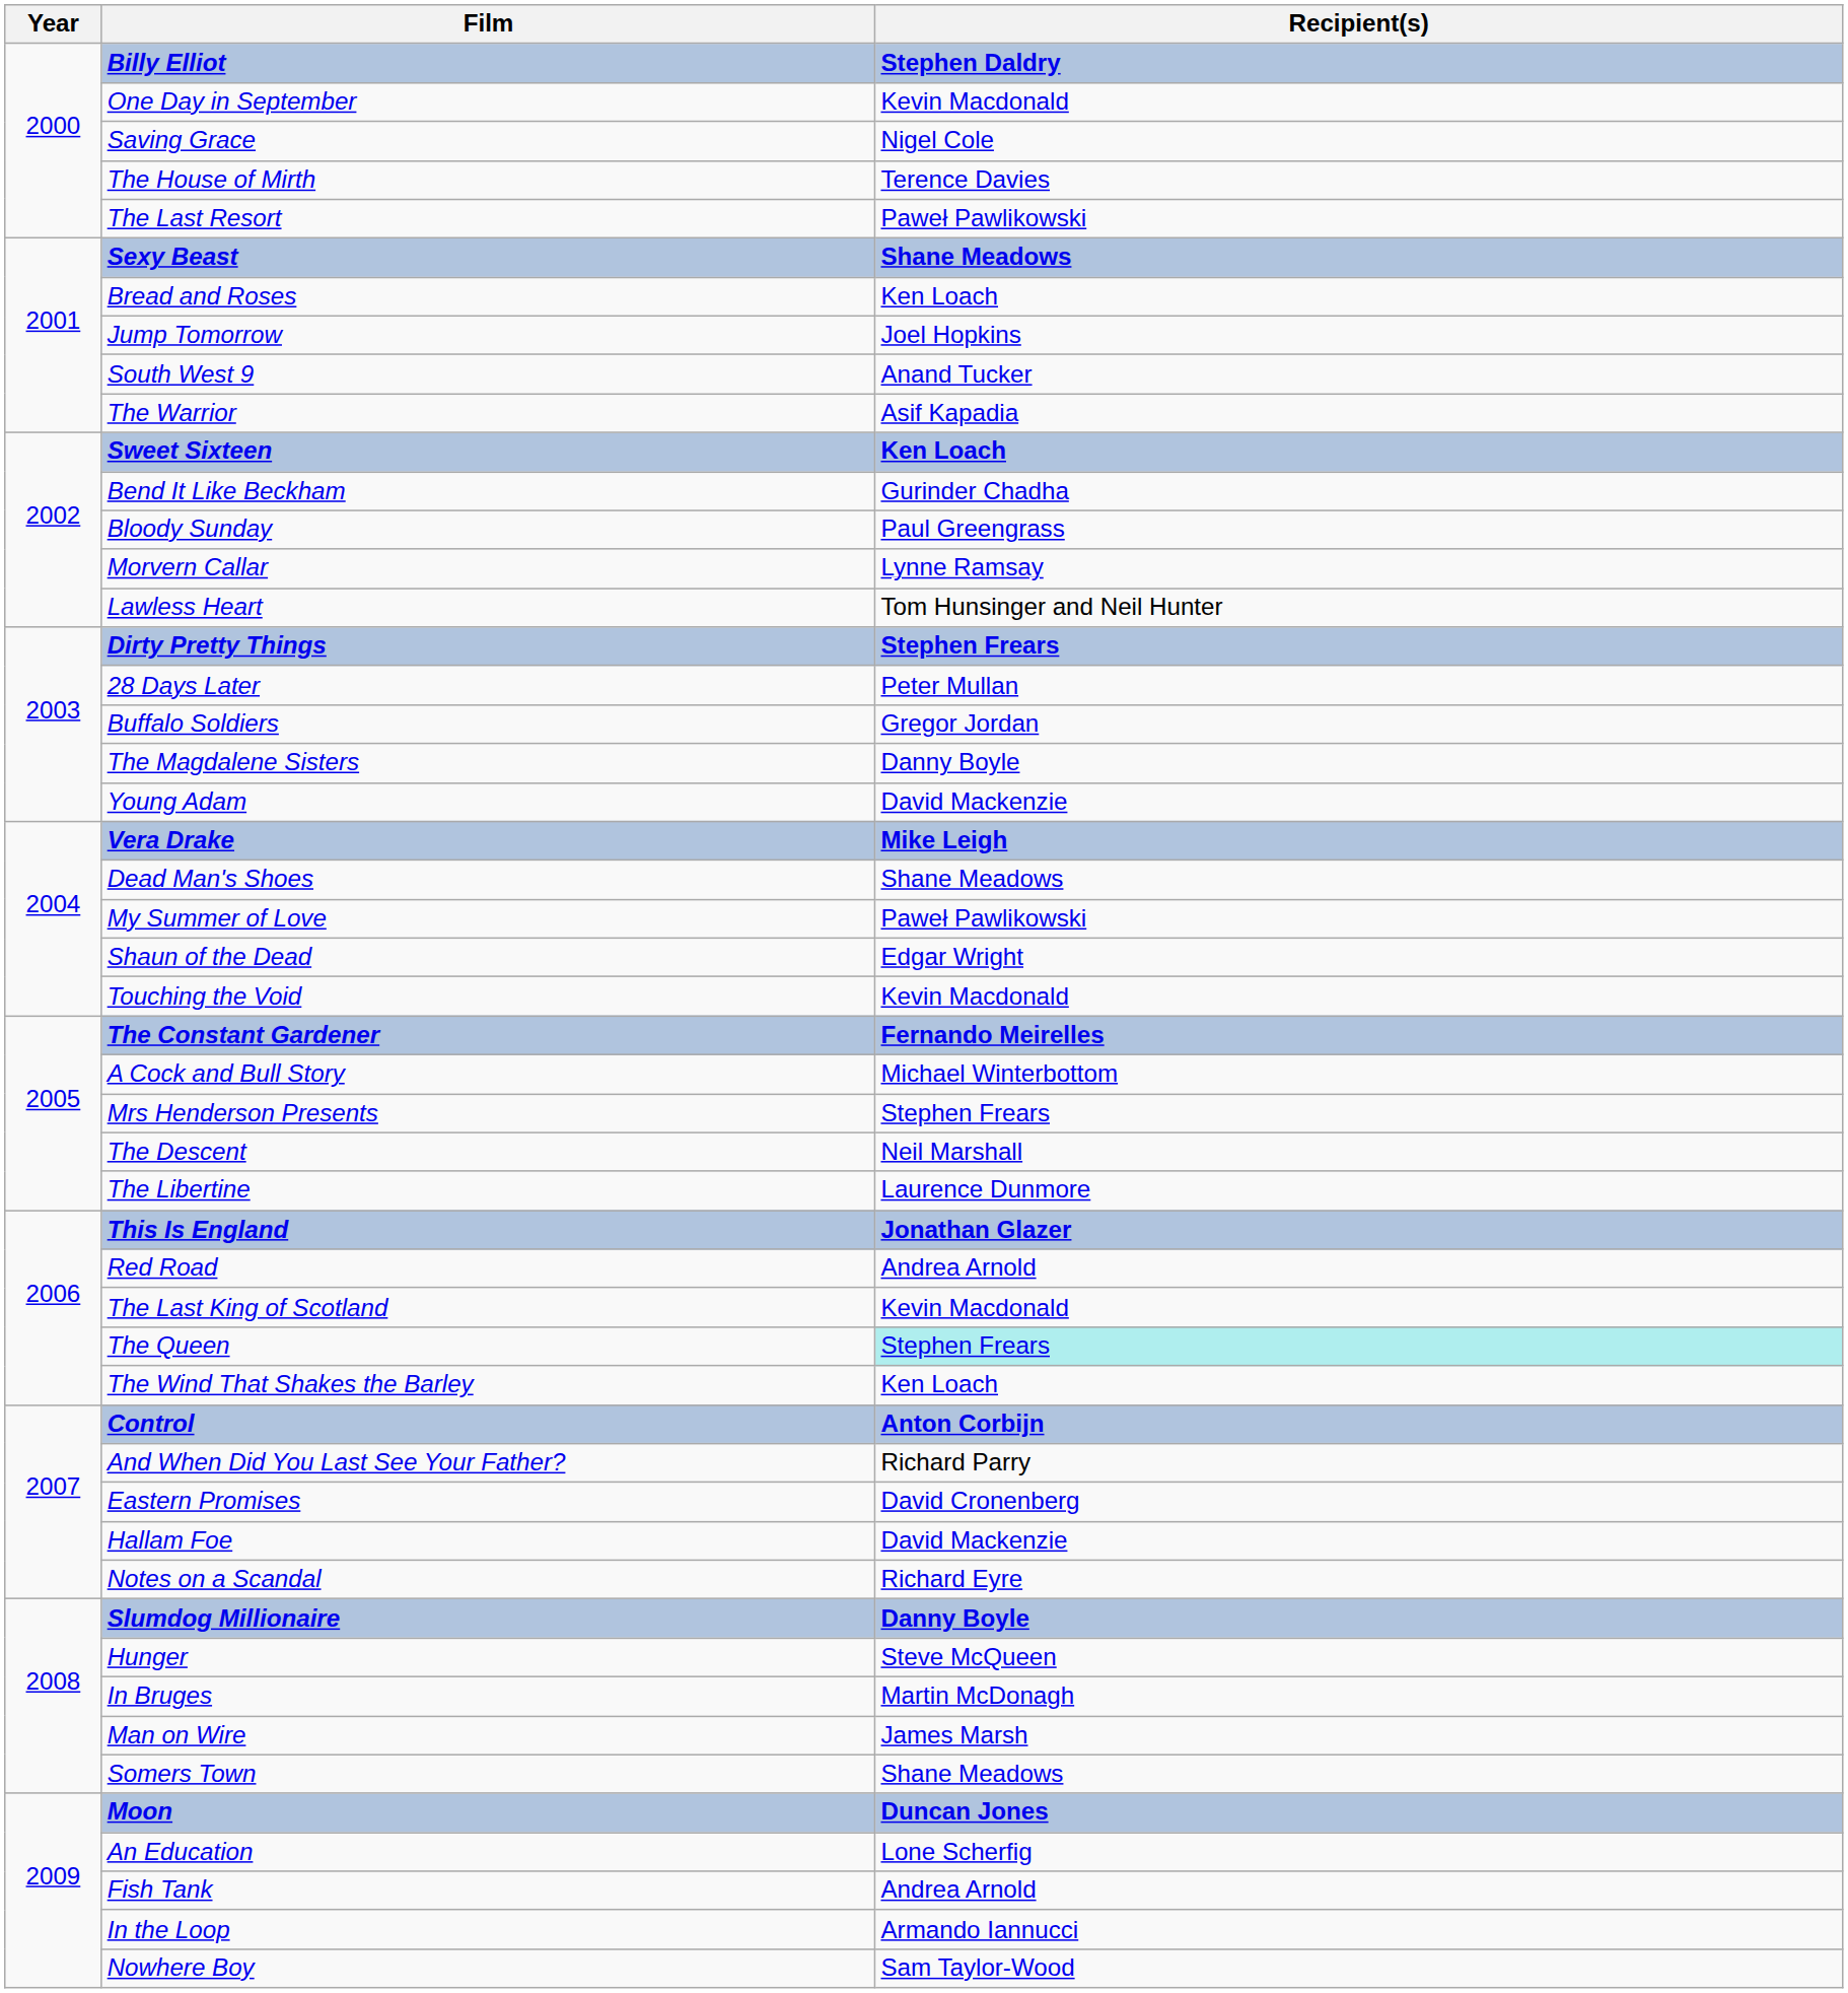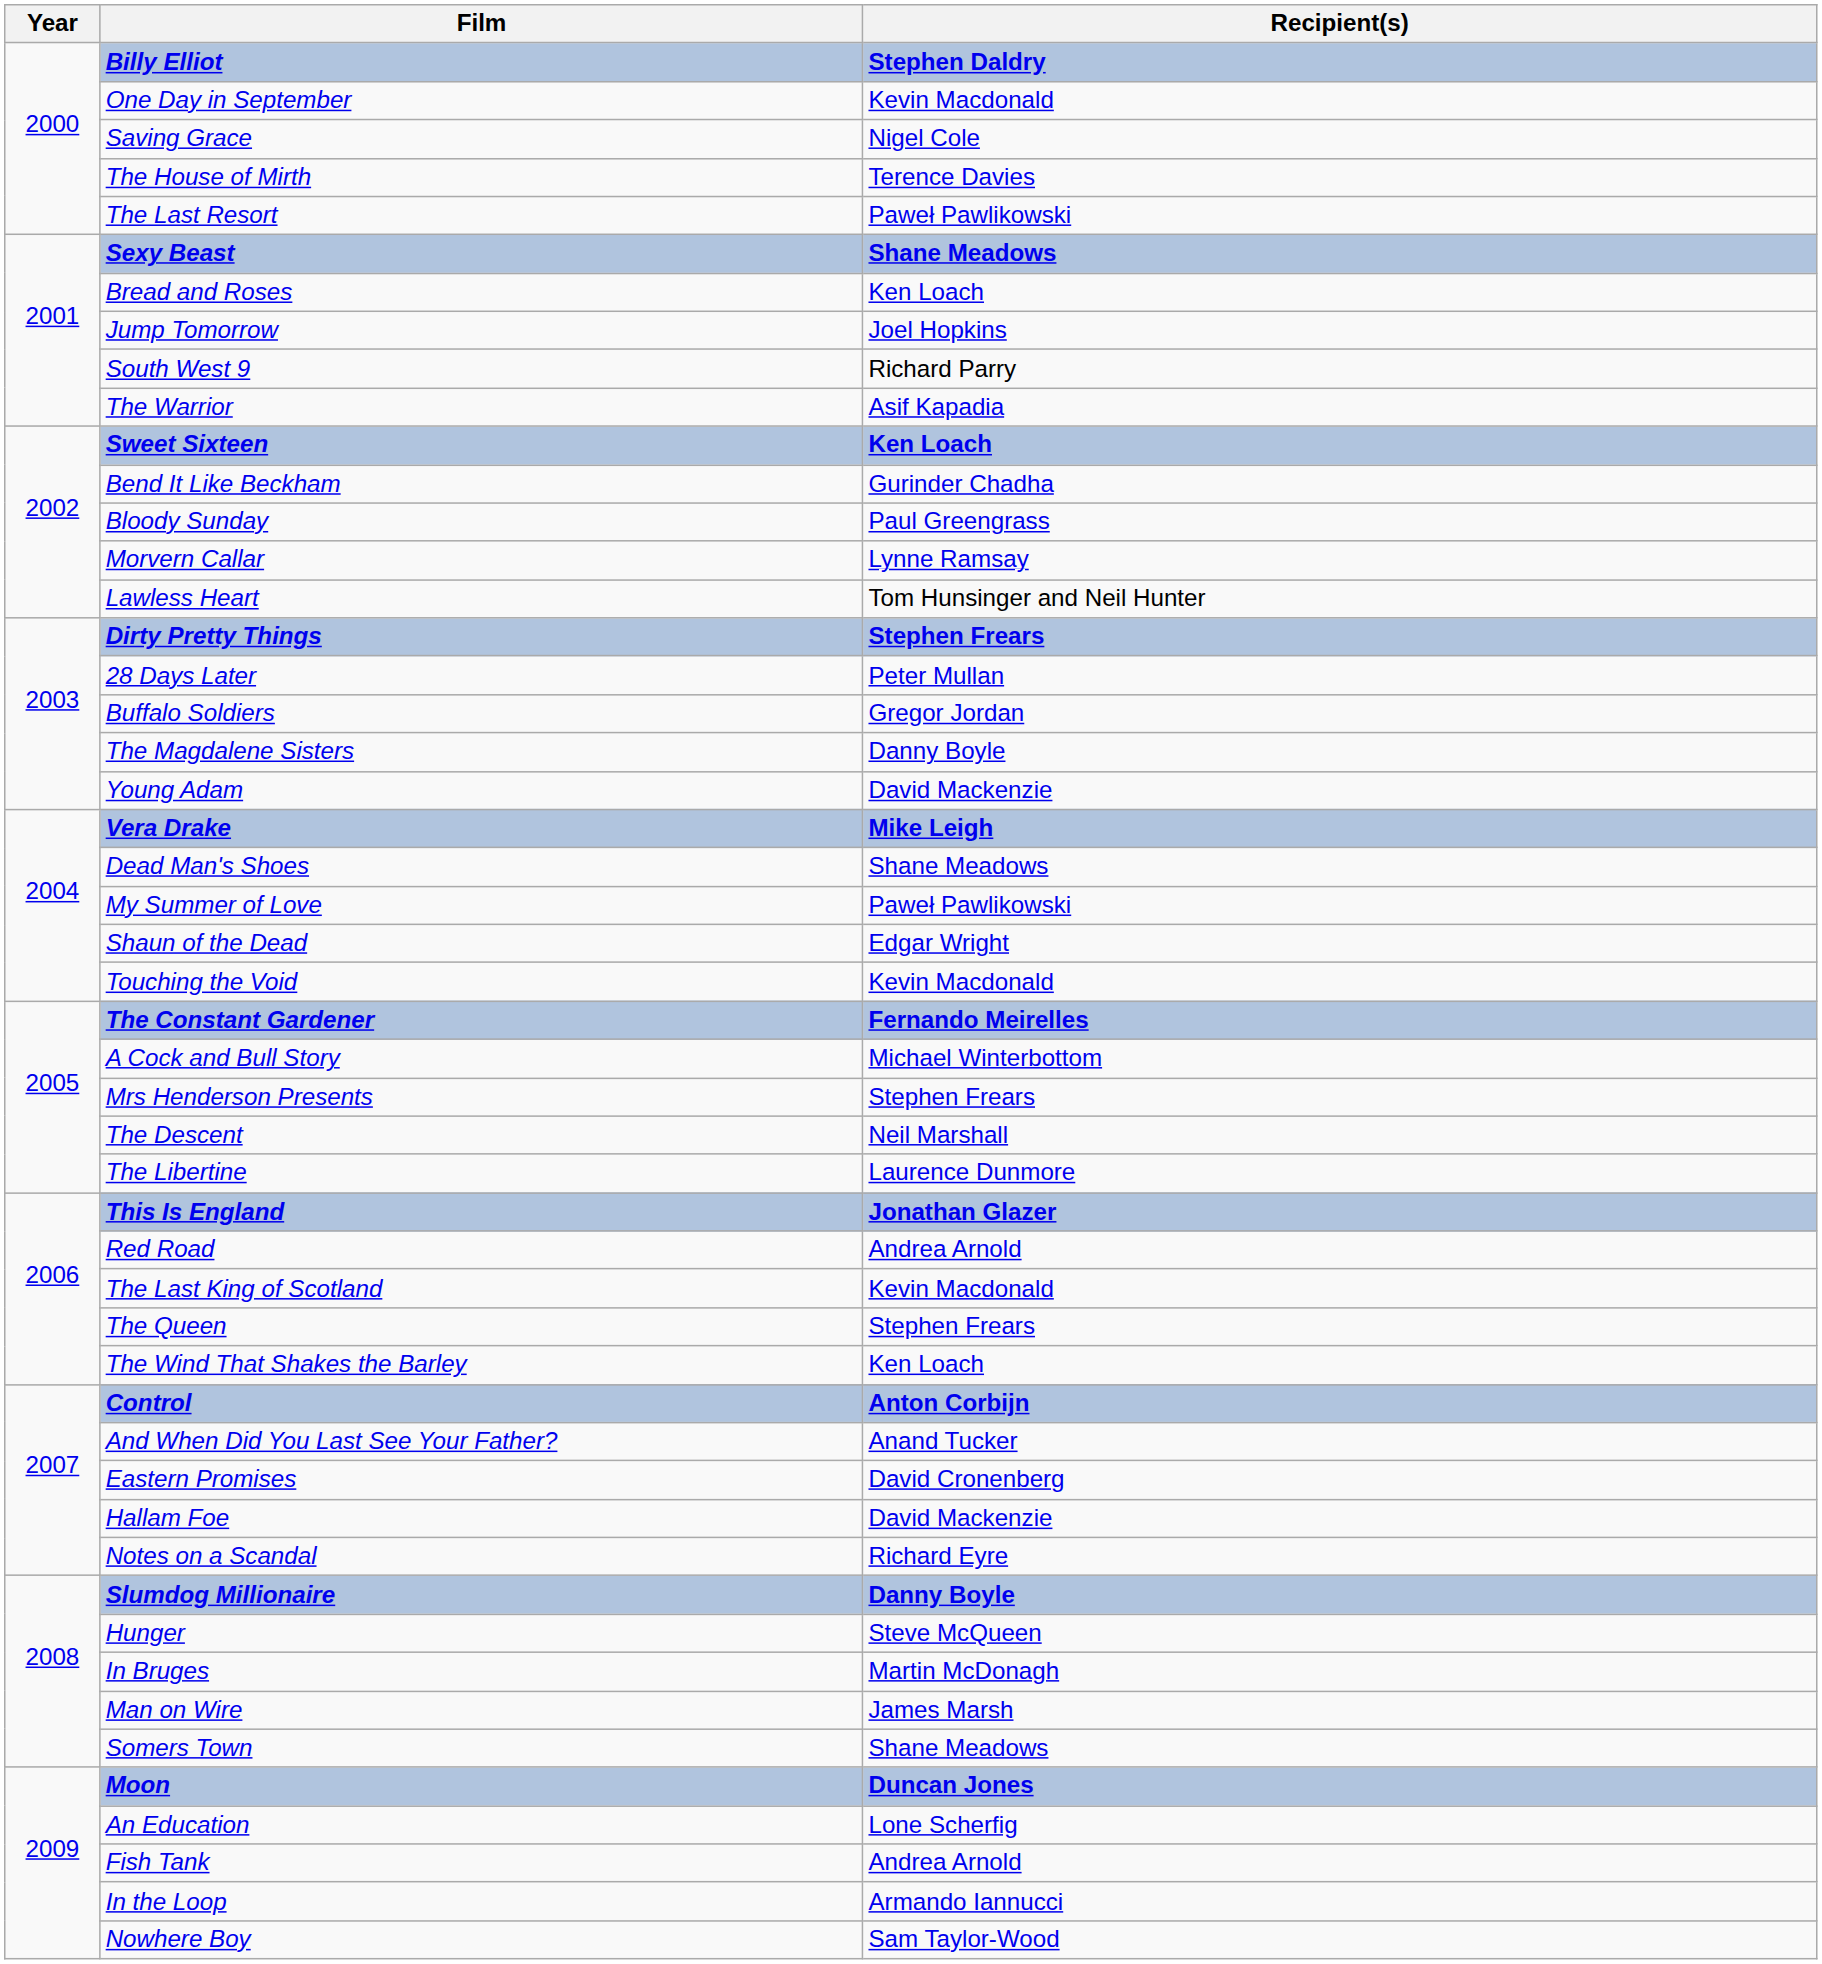 <table class="wikitable" width="95%" cellpadding="5">
 <tr>
 <th width="5%">Year</th>
 <th width="40%">Film</th>
 <th width="50%">Recipient(s)</th>
 </tr>
 <tr>
 <td rowspan="5" style="text-align:center;"><a href='#'>2000</a><br><br></td>
 <td style="background:#B0C4DE"><strong><em><a href='#'>Billy Elliot</a></em></strong></td>
 <td style="background:#B0C4DE"><strong><a href='#'>Stephen Daldry</a></strong></td>
 </tr>
 <tr>
 <td><em><a href='#'>One Day in September</a></em></td>
 <td><a href='#'>Kevin Macdonald</a></td>
 </tr>
 <tr>
 <td><em><a href='#'>Saving Grace</a></em></td>
 <td><a href='#'>Nigel Cole</a></td>
 </tr>
 <tr>
 <td><em><a href='#'>The House of Mirth</a></em></td>
 <td><a href='#'>Terence Davies</a></td>
 </tr>
 <tr>
 <td><em><a href='#'>The Last Resort</a></em></td>
 <td><a href='#'>Paweł Pawlikowski</a></td>
 </tr>
 <tr>
 <td rowspan="5" style="text-align:center;"><a href='#'>2001</a><br><br></td>
 <td style="background:#B0C4DE"><strong><em><a href='#'>Sexy Beast</a></em></strong></td>
 <td style="background:#B0C4DE"><strong><a href='#'>Shane Meadows</a></strong></td>
 </tr>
 <tr>
 <td><em><a href='#'>Bread and Roses</a></em></td>
 <td><a href='#'>Ken Loach</a></td>
 </tr>
 <tr>
 <td><em><a href='#'>Jump Tomorrow</a></em></td>
 <td><a href='#'>Joel Hopkins</a></td>
 </tr>
 <tr>
 <td><em><a href='#'>South West 9</a></em></td>
-<td><a href='#'>Anand Tucker</a></td>
+<td>Richard Parry</td>
 </tr>
 <tr>
 <td><em><a href='#'>The Warrior</a></em></td>
 <td><a href='#'>Asif Kapadia</a></td>
 </tr>
 <tr>
 <td rowspan="5" style="text-align:center;"><a href='#'>2002</a><br><br></td>
 <td style="background:#B0C4DE"><strong><em><a href='#'>Sweet Sixteen</a></em></strong></td>
 <td style="background:#B0C4DE"><strong><a href='#'>Ken Loach</a></strong></td>
 </tr>
 <tr>
 <td><em><a href='#'>Bend It Like Beckham</a></em></td>
 <td><a href='#'>Gurinder Chadha</a></td>
 </tr>
 <tr>
 <td><em><a href='#'>Bloody Sunday</a></em></td>
 <td><a href='#'>Paul Greengrass</a></td>
 </tr>
 <tr>
 <td><em><a href='#'>Morvern Callar</a></em></td>
 <td><a href='#'>Lynne Ramsay</a></td>
 </tr>
 <tr>
 <td><em><a href='#'>Lawless Heart</a></em></td>
 <td>Tom Hunsinger and Neil Hunter</td>
 </tr>
 <tr>
 <td rowspan="5" style="text-align:center;"><a href='#'>2003</a><br><br></td>
 <td style="background:#B0C4DE"><strong><em><a href='#'>Dirty Pretty Things</a></em></strong></td>
 <td style="background:#B0C4DE"><strong><a href='#'>Stephen Frears</a></strong></td>
 </tr>
 <tr>
 <td><em><a href='#'>28 Days Later</a></em></td>
 <td><a href='#'>Peter Mullan</a></td>
 </tr>
 <tr>
 <td><em><a href='#'>Buffalo Soldiers</a></em></td>
 <td><a href='#'>Gregor Jordan</a></td>
 </tr>
 <tr>
 <td><em><a href='#'>The Magdalene Sisters</a></em></td>
 <td><a href='#'>Danny Boyle</a></td>
 </tr>
 <tr>
 <td><em><a href='#'>Young Adam</a></em></td>
 <td><a href='#'>David Mackenzie</a></td>
 </tr>
 <tr>
 <td rowspan="5" style="text-align:center;"><a href='#'>2004</a><br><br></td>
 <td style="background:#B0C4DE"><strong><em><a href='#'>Vera Drake</a></em></strong></td>
 <td style="background:#B0C4DE"><strong><a href='#'>Mike Leigh</a></strong></td>
 </tr>
 <tr>
 <td><em><a href='#'>Dead Man's Shoes</a></em></td>
 <td><a href='#'>Shane Meadows</a></td>
 </tr>
 <tr>
 <td><em><a href='#'>My Summer of Love</a></em></td>
 <td><a href='#'>Paweł Pawlikowski</a></td>
 </tr>
 <tr>
 <td><em><a href='#'>Shaun of the Dead</a></em></td>
 <td><a href='#'>Edgar Wright</a></td>
 </tr>
 <tr>
 <td><em><a href='#'>Touching the Void</a></em></td>
 <td><a href='#'>Kevin Macdonald</a></td>
 </tr>
 <tr>
 <td rowspan="5" style="text-align:center;"><a href='#'>2005</a><br><br></td>
 <td style="background:#B0C4DE"><strong><em><a href='#'>The Constant Gardener</a></em></strong></td>
 <td style="background:#B0C4DE"><strong><a href='#'>Fernando Meirelles</a></strong></td>
 </tr>
 <tr>
 <td><em><a href='#'>A Cock and Bull Story</a></em></td>
 <td><a href='#'>Michael Winterbottom</a></td>
 </tr>
 <tr>
 <td><em><a href='#'>Mrs Henderson Presents</a></em></td>
 <td><a href='#'>Stephen Frears</a></td>
 </tr>
 <tr>
 <td><em><a href='#'>The Descent</a></em></td>
 <td><a href='#'>Neil Marshall</a></td>
 </tr>
 <tr>
 <td><em><a href='#'>The Libertine</a></em></td>
 <td><a href='#'>Laurence Dunmore</a></td>
 </tr>
 <tr>
 <td rowspan="5" style="text-align:center;"><a href='#'>2006</a><br><br></td>
 <td style="background:#B0C4DE"><strong><em><a href='#'>This Is England</a></em></strong></td>
 <td style="background:#B0C4DE"><strong><a href='#'>Jonathan Glazer</a></strong></td>
 </tr>
 <tr>
 <td><em><a href='#'>Red Road</a></em></td>
 <td><a href='#'>Andrea Arnold</a></td>
 </tr>
 <tr>
 <td><em><a href='#'>The Last King of Scotland</a></em></td>
 <td><a href='#'>Kevin Macdonald</a></td>
 </tr>
 <tr>
 <td><em><a href='#'>The Queen</a></em></td>
-<td style="background: paleturquoise;"><a href='#'>Stephen Frears</a></td>
+<td><a href='#'>Stephen Frears</a></td>
 </tr>
 <tr>
 <td><em><a href='#'>The Wind That Shakes the Barley</a></em></td>
 <td><a href='#'>Ken Loach</a></td>
 </tr>
 <tr>
 <td rowspan="5" style="text-align:center;"><a href='#'>2007</a><br><br></td>
 <td style="background:#B0C4DE"><strong><em><a href='#'>Control</a></em></strong></td>
 <td style="background:#B0C4DE"><strong><a href='#'>Anton Corbijn</a></strong></td>
 </tr>
 <tr>
 <td><em><a href='#'>And When Did You Last See Your Father?</a></em></td>
-<td>Richard Parry</td>
+<td><a href='#'>Anand Tucker</a></td>
 </tr>
 <tr>
 <td><em><a href='#'>Eastern Promises</a></em></td>
 <td><a href='#'>David Cronenberg</a></td>
 </tr>
 <tr>
 <td><em><a href='#'>Hallam Foe</a></em></td>
 <td><a href='#'>David Mackenzie</a></td>
 </tr>
 <tr>
 <td><em><a href='#'>Notes on a Scandal</a></em></td>
 <td><a href='#'>Richard Eyre</a></td>
 </tr>
 <tr>
 <td rowspan="5" style="text-align:center;"><a href='#'>2008</a><br><br></td>
 <td style="background:#B0C4DE"><strong><em><a href='#'>Slumdog Millionaire</a></em></strong></td>
 <td style="background:#B0C4DE"><strong><a href='#'>Danny Boyle</a></strong></td>
 </tr>
 <tr>
 <td><em><a href='#'>Hunger</a></em></td>
 <td><a href='#'>Steve McQueen</a></td>
 </tr>
 <tr>
 <td><em><a href='#'>In Bruges</a></em></td>
 <td><a href='#'>Martin McDonagh</a></td>
 </tr>
 <tr>
 <td><em><a href='#'>Man on Wire</a></em></td>
 <td><a href='#'>James Marsh</a></td>
 </tr>
 <tr>
 <td><em><a href='#'>Somers Town</a></em></td>
 <td><a href='#'>Shane Meadows</a></td>
 </tr>
 <tr>
 <td rowspan="5" style="text-align:center;"><a href='#'>2009</a><br><br></td>
 <td style="background:#B0C4DE"><strong><em><a href='#'>Moon</a></em></strong></td>
 <td style="background:#B0C4DE"><strong><a href='#'>Duncan Jones</a></strong></td>
 </tr>
 <tr>
 <td><em><a href='#'>An Education</a></em></td>
 <td><a href='#'>Lone Scherfig</a></td>
 </tr>
 <tr>
 <td><em><a href='#'>Fish Tank</a></em></td>
 <td><a href='#'>Andrea Arnold</a></td>
 </tr>
 <tr>
 <td><em><a href='#'>In the Loop</a></em></td>
 <td><a href='#'>Armando Iannucci</a></td>
 </tr>
 <tr>
 <td><em><a href='#'>Nowhere Boy</a></em></td>
 <td><a href='#'>Sam Taylor-Wood</a></td>
 </tr>
 </table>
